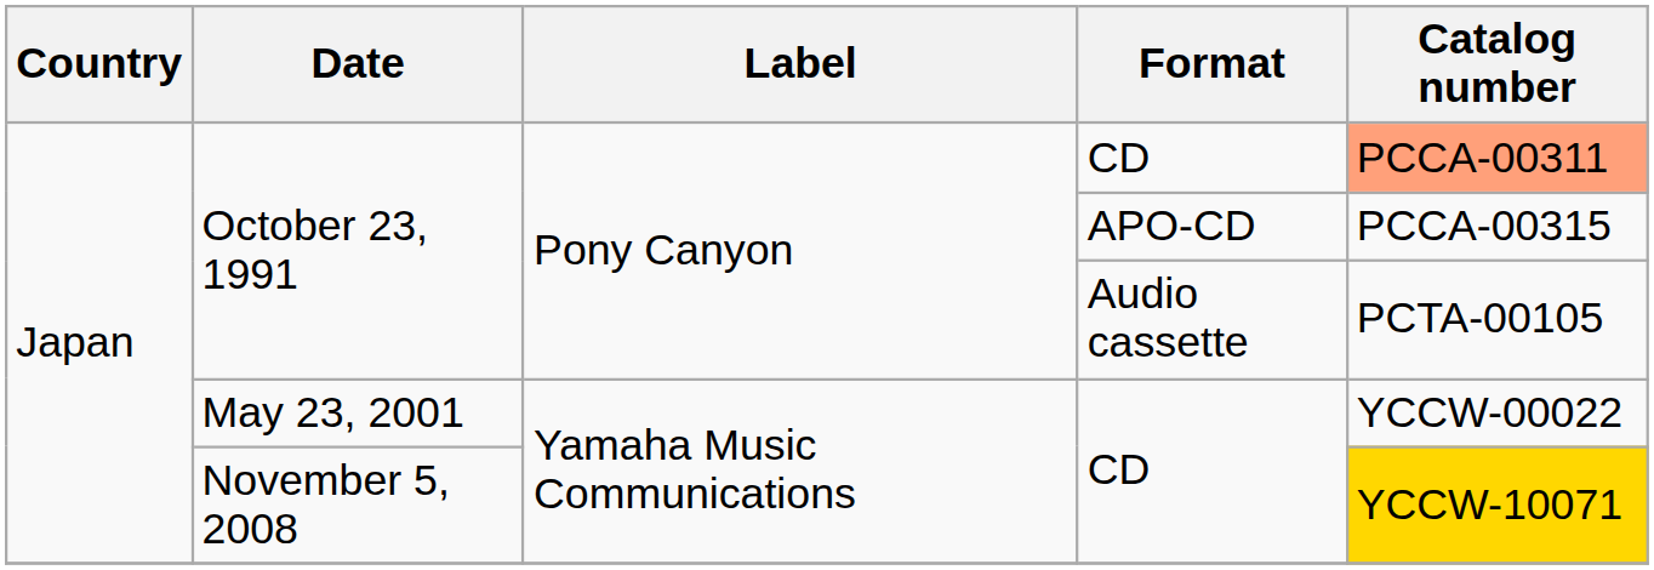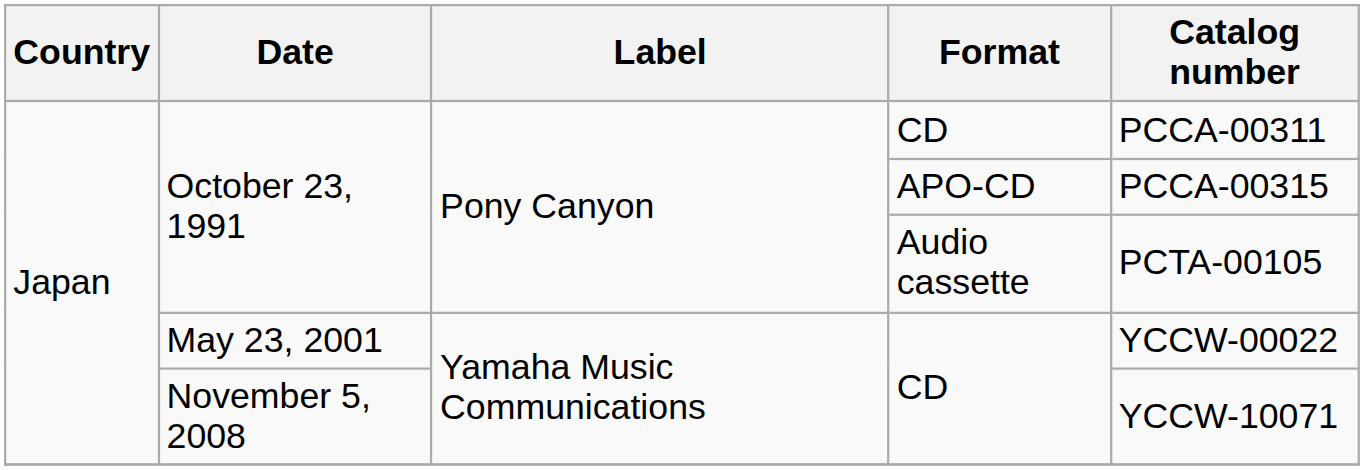 <table class="wikitable">
 <tr>
 <th>Country</th>
 <th>Date</th>
 <th>Label</th>
 <th>Format</th>
 <th>Catalog number</th>
 </tr>
 <tr>
 <td rowspan="5">Japan</td>
 <td rowspan="3">October 23, 1991</td>
 <td rowspan="3">Pony Canyon</td>
 <td>CD</td>
-<td style="background: lightsalmon;">PCCA-00311</td>
+<td>PCCA-00311</td>
 </tr>
 <tr>
 <td>APO-CD</td>
 <td>PCCA-00315</td>
 </tr>
 <tr>
 <td>Audio cassette</td>
 <td>PCTA-00105</td>
 </tr>
 <tr>
 <td>May 23, 2001</td>
 <td rowspan="2">Yamaha Music Communications</td>
 <td rowspan="2">CD</td>
 <td>YCCW-00022</td>
 </tr>
 <tr>
 <td>November 5, 2008</td>
-<td style="background: gold;">YCCW-10071</td>
+<td>YCCW-10071</td>
 </tr>
 <tr>
 </tr>
 </table>
